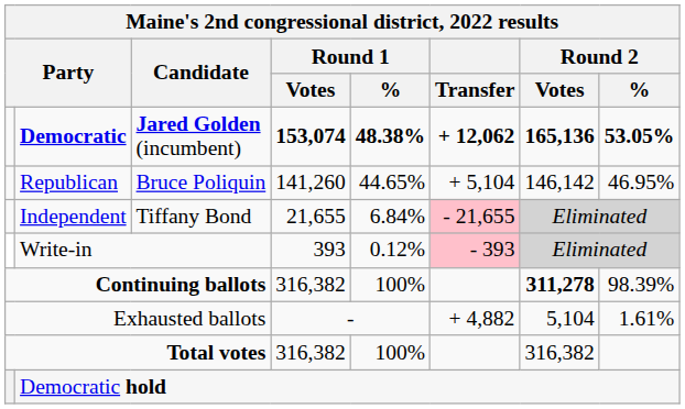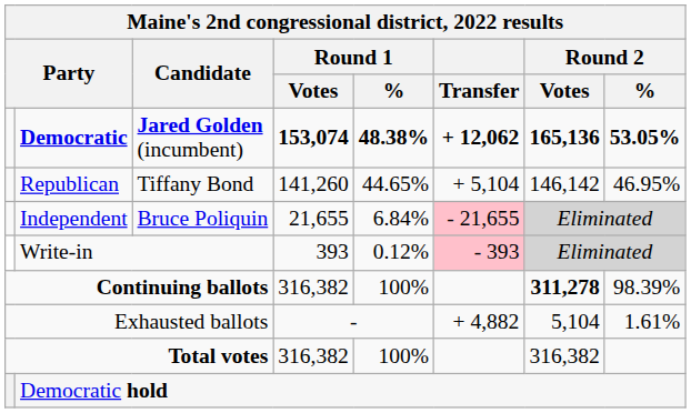 <table class="wikitable">
 <tr>
 <th colspan="11">Maine's 2nd congressional district, 2022 results</th>
 </tr>
 <tr>
 <th colspan="2" rowspan="2">Party</th>
 <th rowspan="2">Candidate</th>
 <th colspan="2">Round 1</th>
 <th></th>
 <th colspan="2">Round 2</th>
 </tr>
 <tr>
 <th>Votes</th>
 <th>%</th>
 <th>Transfer</th>
 <th>Votes</th>
 <th>%</th>
 </tr>
 <tr align=right>
 <td style="background-color:"></td>
 <td align=left><strong><a href='#'>Democratic</a></strong></td>
 <td align=left><strong><a href='#'>Jared Golden</a></strong><br>(incumbent)</td>
 <td><strong>153,074</strong></td>
 <td><strong>48.38%</strong></td>
 <td><strong>+ 12,062</strong></td>
 <td><strong>165,136</strong></td>
 <td><strong>53.05%</strong></td>
 </tr>
 <tr align=right>
 <td style="background-color:"></td>
 <td align=left><a href='#'>Republican</a></td>
-<td align=left><a href='#'>Bruce Poliquin</a></td>
+<td align=left>Tiffany Bond</td>
 <td>141,260</td>
 <td>44.65%</td>
 <td>+ 5,104</td>
 <td>146,142</td>
 <td>46.95%</td>
 </tr>
 <tr align=right>
 <td style="background-color:"></td>
 <td align=left><a href='#'>Independent</a></td>
-<td align=left>Tiffany Bond</td>
+<td align=left><a href='#'>Bruce Poliquin</a></td>
 <td>21,655</td>
 <td>6.84%</td>
 <td BGCOLOR=pink>- 21,655</td>
 <td colspan="2" bgcolor="lightgray" align="center"><em>Eliminated</em></td>
 </tr>
 <tr align="right">
 <td style="background-color: #ffffff"></td>
 <td colspan=2 align=left>Write-in</td>
 <td>393</td>
 <td>0.12%</td>
 <td BGCOLOR=pink>- 393</td>
 <td colspan="2" bgcolor="lightgray" align="center"><em>Eliminated</em></td>
 </tr>
 <tr align="right">
 <td colspan="3" align="right"><strong>Continuing ballots</strong></td>
 <td>316,382</td>
 <td>100%</td>
 <td><br></td>
 <td><strong>311,278</strong></td>
 <td>98.39%</td>
 </tr>
 <tr align="right">
 <td colspan="3">Exhausted ballots</td>
 <td colspan="2" align="center">-</td>
 <td>+ 4,882</td>
 <td>5,104</td>
 <td>1.61%</td>
 </tr>
 <tr align="right">
 <td colspan="3" align="right"><strong>Total votes</strong></td>
 <td>316,382</td>
 <td>100%</td>
 <td><br></td>
 <td>316,382</td>
 <td></td>
 </tr>
 <tr class="sortbottom" style="background:#f6f6f6;">
 <th style="background-color:"></th>
 <td colspan="7" style="text-align:left"><a href='#'>Democratic</a> <strong>hold</strong></td>
 </tr>
 </table>
